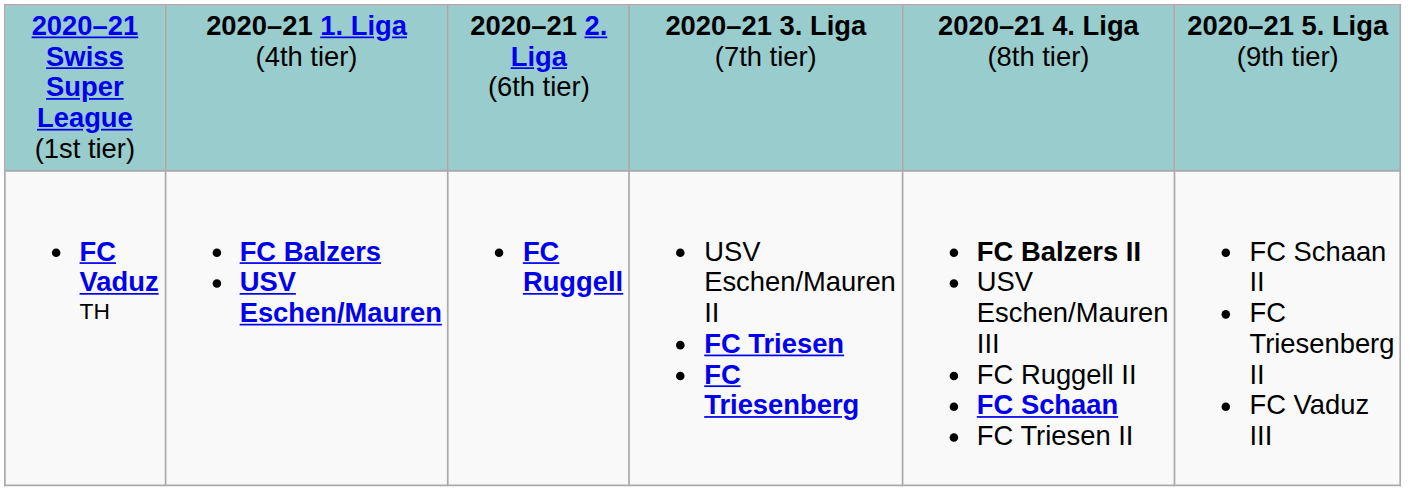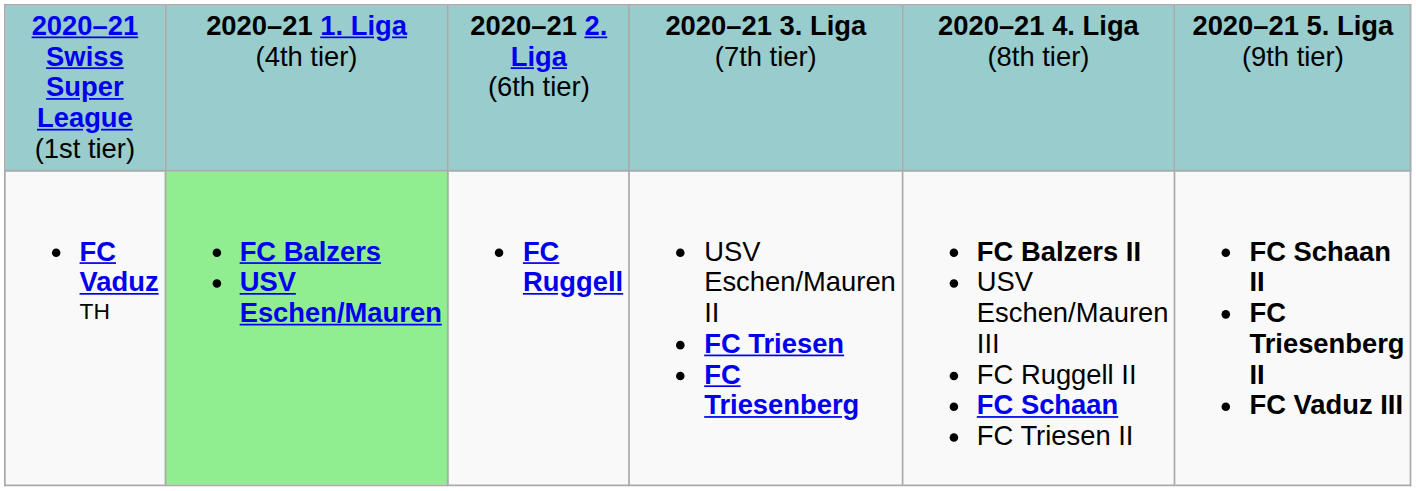 <table class="wikitable">
 <tr valign="top" bgcolor="#99CCCC">
 <td align="center" width="16%"><strong><a href='#'>2020–21 Swiss Super League</a></strong><br>(1st tier)</td>
 <td align="center" width="16%"><strong>2020–21 <a href='#'>1. Liga</a></strong><br>(4th tier)</td>
 <td align="center" width="16%"><strong>2020–21 <a href='#'>2. Liga</a></strong><br>(6th tier)</td>
 <td align="center" width="16%"><strong>2020–21 3. Liga</strong><br>(7th tier)</td>
 <td align="center" width="16%"><strong>2020–21 4. Liga</strong><br>(8th tier)</td>
 <td align="center" width="16%"><strong>2020–21 5. Liga</strong><br>(9th tier)</td>
 </tr>
 <tr valign="top">
 <td><br><ul><li><strong><a href='#'>FC Vaduz</a></strong> <sup>TH</sup></li></ul></td>
-<td><br><ul><li><strong><a href='#'>FC Balzers</a></strong></li><li><strong><a href='#'>USV Eschen/Mauren</a></strong></li></ul></td>
+<td style="background: lightgreen;"><br><ul><li><strong><a href='#'>FC Balzers</a></strong></li><li><strong><a href='#'>USV Eschen/Mauren</a></strong></li></ul></td>
 <td><br><ul><li><strong><a href='#'>FC Ruggell</a></strong></li></ul></td>
 <td><br><ul><li>USV Eschen/Mauren II</li><li><strong><a href='#'>FC Triesen</a></strong></li><li><strong><a href='#'>FC Triesenberg</a></strong></li></ul></td>
 <td><br><ul><li><strong>FC Balzers II</strong></li><li>USV Eschen/Mauren III</li><li>FC Ruggell II</li><li><strong><a href='#'>FC Schaan</a></strong></li><li>FC Triesen II</li></ul></td>
-<td><br><ul><li>FC Schaan II</li><li>FC Triesenberg II</li><li>FC Vaduz III</li></ul></td>
+<td><strong><br><ul><li>FC Schaan II</li><li>FC Triesenberg II</li><li>FC Vaduz III</li></ul></strong></td>
 </tr>
 </table>
